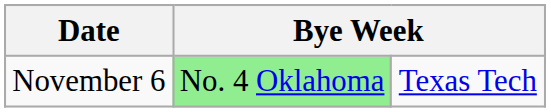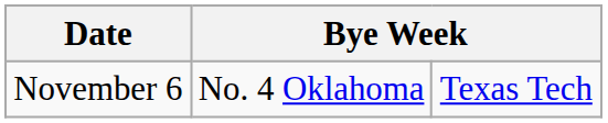 <table class="wikitable" style="font-size:95%;">
 <tr>
 <th>Date</th>
 <th colspan="2">Bye Week</th>
 </tr>
 <tr>
 <td>November 6</td>
-<td style="background: lightgreen;">No. 4 <a href='#'>Oklahoma</a></td>
+<td>No. 4 <a href='#'>Oklahoma</a></td>
 <td><a href='#'>Texas Tech</a></td>
 </tr>
 </table>
